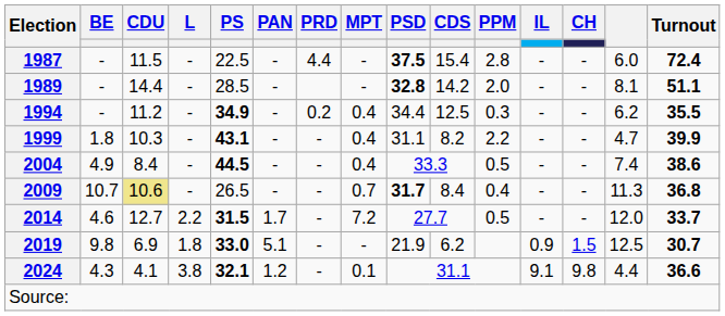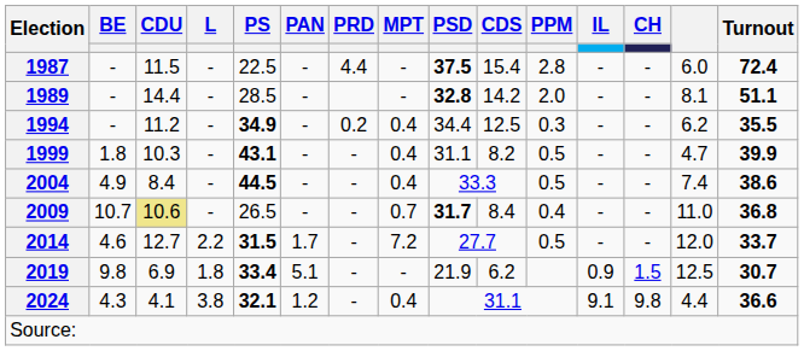 <table class="wikitable" style="text-align:center; font-size:95%; line-height:16px;">
 <tr style="height:30px;">
 <th rowspan="2">Election</th>
 <th><a href='#'>BE</a></th>
 <th><a href='#'>CDU</a></th>
 <th><a href='#'>L</a></th>
 <th><a href='#'>PS</a></th>
 <th><a href='#'>PAN</a></th>
 <th><a href='#'>PRD</a></th>
 <th><a href='#'>MPT</a></th>
 <th><a href='#'>PSD</a></th>
 <th><a href='#'>CDS</a></th>
 <th><a href='#'>PPM</a></th>
 <th><a href='#'>IL</a></th>
 <th><a href='#'>CH</a></th>
 <th width="30" rowspan="2"></th>
 <th rowspan="2">Turnout</th>
 </tr>
 <tr>
 <th class="sortable" width="30" style="background:"></th>
 <th class="sortable" width="30" style="background:"></th>
 <th class="sortable" width="30" style="background:"></th>
 <th class="sortable" width="30" style="background:"></th>
 <th class="sortable" width="30" style="background:"></th>
 <th class="sortable" width="30" style="background:"></th>
 <th class="sortable" width="30" style="background:"></th>
 <th class="sortable" width="30" style="background:"></th>
 <th class="sortable" width="30" style="background:"></th>
 <th class="sortable" width="30" style="background:"></th>
 <th class="sortable" width="30" style="background:#00ADEF;"></th>
 <th class="sortable" width="30" style="background:#202056;"></th>
 </tr>
 <tr>
 <th><a href='#'>1987</a></th>
 <td>-</td>
 <td>11.5<br></td>
 <td>-</td>
 <td>22.5<br></td>
 <td>-</td>
 <td>4.4<br></td>
 <td>-</td>
 <td><strong>37.5</strong><br></td>
 <td>15.4<br></td>
 <td>2.8<br></td>
 <td>-</td>
 <td>-</td>
 <td>6.0<br></td>
 <td><strong>72.4</strong></td>
 </tr>
 <tr>
 <th><a href='#'>1989</a></th>
 <td>-</td>
 <td>14.4<br></td>
 <td>-</td>
 <td>28.5<br></td>
 <td>-</td>
 <td></td>
 <td>-</td>
 <td><strong>32.8</strong><br></td>
 <td>14.2<br></td>
 <td>2.0<br></td>
 <td>-</td>
 <td>-</td>
 <td>8.1<br></td>
 <td><strong>51.1</strong></td>
 </tr>
 <tr>
 <th><a href='#'>1994</a></th>
 <td>-</td>
 <td>11.2<br></td>
 <td>-</td>
 <td><strong>34.9</strong><br></td>
 <td>-</td>
 <td>0.2<br></td>
 <td>0.4<br></td>
 <td>34.4<br></td>
 <td>12.5<br></td>
 <td>0.3<br></td>
 <td>-</td>
 <td>-</td>
 <td>6.2<br></td>
 <td><strong>35.5</strong></td>
 </tr>
 <tr>
 <th><a href='#'>1999</a></th>
 <td>1.8<br></td>
 <td>10.3<br></td>
 <td>-</td>
 <td><strong>43.1</strong><br></td>
 <td>-</td>
 <td>-</td>
 <td>0.4<br></td>
 <td>31.1<br></td>
 <td>8.2<br></td>
-<td>2.2<br></td>
+<td>0.5<br></td>
 <td>-</td>
 <td>-</td>
 <td>4.7<br></td>
 <td><strong>39.9</strong></td>
 </tr>
 <tr>
 <th><a href='#'>2004</a></th>
 <td>4.9<br></td>
 <td>8.4<br></td>
 <td>-</td>
 <td><strong>44.5</strong><br></td>
 <td>-</td>
 <td>-</td>
 <td>0.4<br></td>
 <td colspan="2"><a href='#'><span>33.3</span></a><br></td>
 <td>0.5<br></td>
 <td>-</td>
 <td>-</td>
 <td>7.4<br></td>
 <td><strong>38.6</strong></td>
 </tr>
 <tr>
 <th><a href='#'>2009</a></th>
 <td>10.7<br></td>
 <td style="background: khaki;">10.6<br></td>
 <td>-</td>
 <td>26.5<br></td>
 <td>-</td>
 <td>-</td>
 <td>0.7<br></td>
 <td><strong>31.7</strong><br></td>
 <td>8.4<br></td>
 <td>0.4<br></td>
 <td>-</td>
 <td>-</td>
-<td>11.3<br></td>
+<td>11.0<br></td>
 <td><strong>36.8</strong></td>
 </tr>
 <tr>
 <th><a href='#'>2014</a></th>
 <td>4.6<br></td>
 <td>12.7<br></td>
 <td>2.2<br></td>
 <td><strong>31.5</strong><br></td>
 <td>1.7<br></td>
 <td>-</td>
 <td>7.2<br></td>
 <td colspan="2"><a href='#'><span>27.7</span></a><br></td>
 <td>0.5<br></td>
 <td>-</td>
 <td>-</td>
 <td>12.0<br></td>
 <td><strong>33.7</strong></td>
 </tr>
 <tr>
 <th><a href='#'>2019</a></th>
 <td>9.8<br></td>
 <td>6.9<br></td>
 <td>1.8<br></td>
-<td><strong>33.0</strong><br></td>
+<td><strong>33.4</strong><br></td>
 <td>5.1<br></td>
 <td>-</td>
 <td>-</td>
 <td>21.9<br></td>
 <td>6.2<br></td>
 <td></td>
 <td>0.9<br></td>
 <td><a href='#'><span>1.5</span></a><br></td>
 <td>12.5<br></td>
 <td><strong>30.7</strong></td>
 </tr>
 <tr>
 <th><a href='#'>2024</a></th>
 <td>4.3<br></td>
 <td>4.1<br></td>
 <td>3.8<br></td>
 <td><strong>32.1</strong><br></td>
 <td>1.2<br></td>
 <td>-</td>
-<td>0.1<br></td>
+<td>0.4<br></td>
 <td colspan="3"><a href='#'><span>31.1</span></a><br></td>
 <td>9.1<br></td>
 <td>9.8<br></td>
 <td>4.4<br></td>
 <td><strong>36.6</strong></td>
 </tr>
 <tr>
 <td colspan="15" align="left">Source: </td>
 </tr>
 </table>
